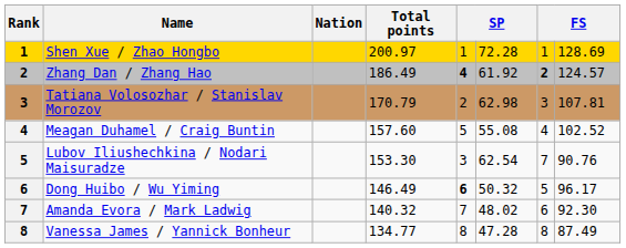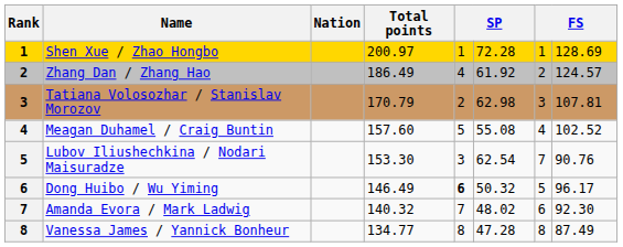 <table class="wikitable sortable">
 <tr>
 <th>Rank</th>
 <th>Name</th>
 <th>Nation</th>
 <th>Total points</th>
 <th colspan="2" width="80px"><a href='#'>SP</a></th>
 <th colspan="2" width="80px"><a href='#'>FS</a></th>
 </tr>
 <tr bgcolor="gold">
 <td align="center"><strong>1</strong></td>
 <td><a href='#'>Shen Xue</a> / <a href='#'>Zhao Hongbo</a></td>
 <td></td>
 <td>200.97</td>
 <td>1</td>
 <td>72.28</td>
 <td>1</td>
 <td>128.69</td>
 </tr>
 <tr bgcolor="silver">
 <td align="center"><strong>2</strong></td>
 <td><a href='#'>Zhang Dan</a> / <a href='#'>Zhang Hao</a></td>
 <td></td>
 <td>186.49</td>
-<td><strong>4</strong></td>
+<td>4</td>
 <td>61.92</td>
-<td><strong>2</strong></td>
+<td>2</td>
 <td>124.57</td>
 </tr>
 <tr bgcolor="cc9966">
 <td align="center"><strong>3</strong></td>
 <td><a href='#'>Tatiana Volosozhar</a> / <a href='#'>Stanislav Morozov</a></td>
 <td></td>
 <td>170.79</td>
 <td>2</td>
 <td>62.98</td>
 <td>3</td>
 <td>107.81</td>
 </tr>
 <tr>
 <th>4</th>
 <td><a href='#'>Meagan Duhamel</a> / <a href='#'>Craig Buntin</a></td>
 <td></td>
 <td>157.60</td>
 <td>5</td>
 <td>55.08</td>
 <td>4</td>
 <td>102.52</td>
 </tr>
 <tr>
 <th>5</th>
 <td><a href='#'>Lubov Iliushechkina</a> / <a href='#'>Nodari Maisuradze</a></td>
 <td></td>
 <td>153.30</td>
 <td>3</td>
 <td>62.54</td>
 <td>7</td>
 <td>90.76</td>
 </tr>
 <tr>
 <th>6</th>
 <td><a href='#'>Dong Huibo</a> / <a href='#'>Wu Yiming</a></td>
 <td></td>
 <td>146.49</td>
 <td><strong>6</strong></td>
 <td>50.32</td>
 <td>5</td>
 <td>96.17</td>
 </tr>
 <tr>
 <th>7</th>
 <td><a href='#'>Amanda Evora</a> / <a href='#'>Mark Ladwig</a></td>
 <td></td>
 <td>140.32</td>
 <td>7</td>
 <td>48.02</td>
 <td>6</td>
 <td>92.30</td>
 </tr>
 <tr>
 <th>8</th>
 <td><a href='#'>Vanessa James</a> / <a href='#'>Yannick Bonheur</a></td>
 <td></td>
 <td>134.77</td>
 <td>8</td>
 <td>47.28</td>
 <td>8</td>
 <td>87.49</td>
 </tr>
 </table>
